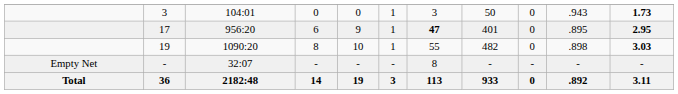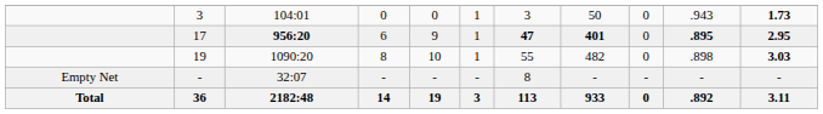 <table class="wikitable sortable" width ="1000">
 <tr align="center">
 </tr>
 <tr align="center" bgcolor="">
 <td></td>
 <td>3</td>
 <td>104:01</td>
 <td>0</td>
 <td>0</td>
 <td>1</td>
 <td>3</td>
 <td>50</td>
 <td>0</td>
 <td>.943</td>
 <td><strong>1.73</strong></td>
 </tr>
 <tr align="center" bgcolor="f0f0f0">
 <td></td>
 <td>17</td>
-<td>956:20</td>
+<td><strong>956:20</strong></td>
 <td>6</td>
 <td>9</td>
 <td>1</td>
 <td><strong>47</strong></td>
-<td>401</td>
+<td><strong>401</strong></td>
 <td>0</td>
-<td>.895</td>
+<td><strong>.895</strong></td>
 <td><strong>2.95</strong></td>
 </tr>
 <tr align="center" bgcolor="">
 <td></td>
 <td>19</td>
 <td>1090:20</td>
 <td>8</td>
 <td>10</td>
 <td>1</td>
 <td>55</td>
 <td>482</td>
 <td>0</td>
 <td>.898</td>
 <td><strong>3.03</strong></td>
 </tr>
 <tr align="center" bgcolor="f0f0f0">
 <td>Empty Net</td>
 <td>-</td>
 <td>32:07</td>
 <td>-</td>
 <td>-</td>
 <td>-</td>
 <td>8</td>
 <td>-</td>
 <td>-</td>
 <td>-</td>
 <td>-</td>
 </tr>
 <tr>
 <th>Total</th>
 <th>36</th>
 <th>2182:48</th>
 <th>14</th>
 <th>19</th>
 <th>3</th>
 <th>113</th>
 <th>933</th>
 <th>0</th>
 <th>.892</th>
 <th>3.11</th>
 </tr>
 </table>
